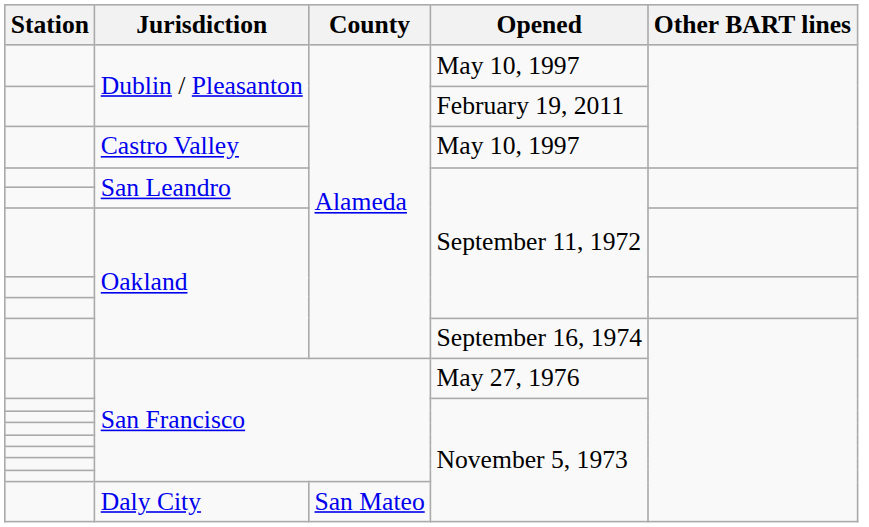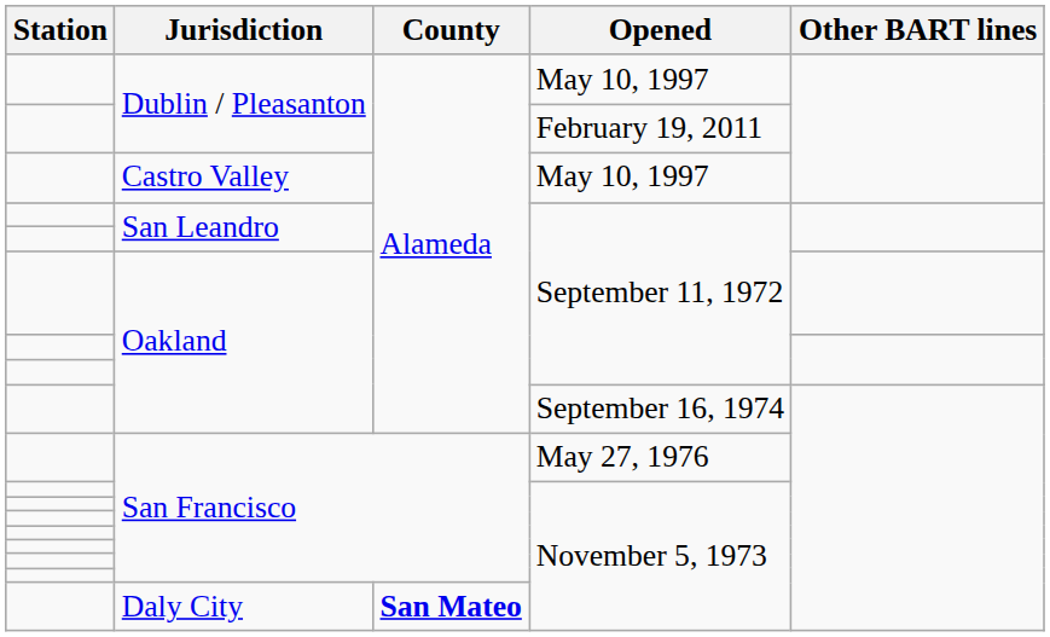 <table class=wikitable>
 <tr>
 <th>Station</th>
 <th>Jurisdiction</th>
 <th>County</th>
 <th>Opened</th>
 <th>Other BART lines</th>
 </tr>
 <tr>
 <td></td>
 <td rowspan="2"><a href='#'>Dublin</a> / <a href='#'>Pleasanton</a></td>
 <td rowspan="9"><a href='#'>Alameda</a></td>
 <td>May 10, 1997</td>
 <td rowspan="3"></td>
 </tr>
 <tr>
 <td></td>
 <td>February 19, 2011</td>
 </tr>
 <tr>
 <td></td>
 <td><a href='#'>Castro Valley</a></td>
 <td>May 10, 1997</td>
 </tr>
 <tr>
 <td></td>
 <td rowspan="2"><a href='#'>San Leandro</a></td>
 <td rowspan="5">September 11, 1972</td>
 <td rowspan="2"><br></td>
 </tr>
 <tr>
 <td></td>
 </tr>
 <tr>
 <td></td>
 <td rowspan="4"><a href='#'>Oakland</a></td>
 <td><br><br></td>
 </tr>
 <tr>
 <td></td>
 <td rowspan="2"><br></td>
 </tr>
 <tr>
 <td></td>
 </tr>
 <tr>
 <td></td>
 <td>September 16, 1974</td>
 <td rowspan="10"><br><br></td>
 </tr>
 <tr>
 <td></td>
 <td rowspan="8" colspan=2><a href='#'>San Francisco</a></td>
 <td>May 27, 1976</td>
 </tr>
 <tr>
 <td></td>
 <td rowspan="8">November 5, 1973</td>
 </tr>
 <tr>
 <td></td>
 </tr>
 <tr>
 <td></td>
 </tr>
 <tr>
 <td></td>
 </tr>
 <tr>
 <td></td>
 </tr>
 <tr>
 <td></td>
 </tr>
 <tr>
 <td></td>
 </tr>
 <tr>
 <td></td>
 <td><a href='#'>Daly City</a></td>
-<td><a href='#'>San Mateo</a></td>
+<td><strong><a href='#'>San Mateo</a></strong></td>
 </tr>
 </table>
